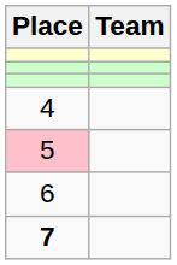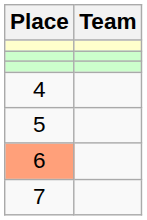 <table class="wikitable">
 <tr>
 <th>Place</th>
 <th>Team</th>
 </tr>
 <tr bgcolor=#ffffcc>
 <td align=center></td>
 <td></td>
 </tr>
 <tr bgcolor=#ccffcc>
 <td align=center></td>
 <td></td>
 </tr>
 <tr bgcolor=#ccffcc>
 <td align=center></td>
 <td></td>
 </tr>
 <tr>
 <td align=center>4</td>
 <td></td>
 </tr>
 <tr>
-<td align=center style="background: pink;">5</td>
+<td align=center>5</td>
 <td></td>
 </tr>
 <tr>
-<td align=center>6</td>
+<td align=center style="background: lightsalmon;">6</td>
 <td></td>
 </tr>
 <tr>
-<td align=center><strong>7</strong></td>
+<td align=center>7</td>
 <td></td>
 </tr>
 </table>
